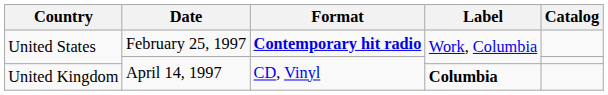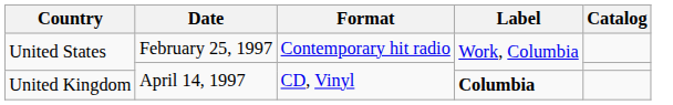 <table class="wikitable">
 <tr>
 <th>Country</th>
 <th>Date</th>
 <th>Format</th>
 <th>Label</th>
 <th>Catalog</th>
 </tr>
 <tr>
 <td rowspan="2">United States</td>
 <td>February 25, 1997</td>
-<td><strong><a href='#'>Contemporary hit radio</a></strong></td>
+<td><a href='#'>Contemporary hit radio</a></td>
 <td rowspan="2"><a href='#'>Work</a>, <a href='#'>Columbia</a></td>
 <td align="center"></td>
 </tr>
 <tr>
 <td rowspan="2">April 14, 1997</td>
 <td rowspan="2"><a href='#'>CD</a>, <a href='#'>Vinyl</a></td>
 <td align="center"></td>
 </tr>
 <tr>
 <td>United Kingdom</td>
 <td><strong>Columbia</strong></td>
 <td align="center"></td>
 </tr>
 </table>
